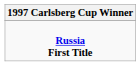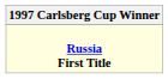 <table class="wikitable" style="text-align: center; margin: 0 auto;">
 <tr>
 <th>1997 Carlsberg Cup Winner</th>
 </tr>
 <tr>
 </tr>
 <tr>
-<td><br><strong><a href='#'>Russia</a></strong><br><strong>First Title</strong></td>
+<td style="background: lightyellow;"><br><strong><a href='#'>Russia</a></strong><br><strong>First Title</strong></td>
 </tr>
 </table>
